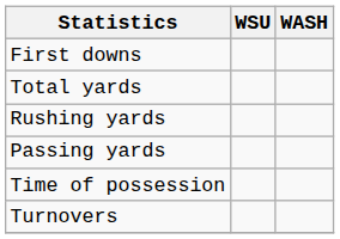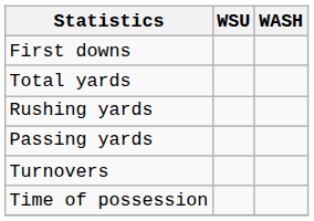 <table class="wikitable" style="float: left;">
 <tr>
 <th>Statistics</th>
 <th>WSU</th>
 <th>WASH</th>
 </tr>
 <tr>
 <td>First downs</td>
 <td></td>
 <td></td>
 </tr>
 <tr>
 <td>Total yards</td>
 <td></td>
 <td></td>
 </tr>
 <tr>
 <td>Rushing yards</td>
 <td></td>
 <td></td>
 </tr>
 <tr>
 <td>Passing yards</td>
 <td></td>
 <td></td>
 </tr>
 <tr>
-<td>Time of possession</td>
+<td>Turnovers</td>
 <td></td>
 <td></td>
 </tr>
 <tr>
-<td>Turnovers</td>
+<td>Time of possession</td>
 <td></td>
 <td></td>
 </tr>
 <tr>
 </tr>
 </table>
